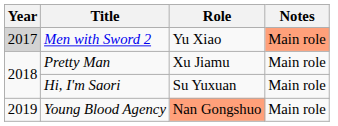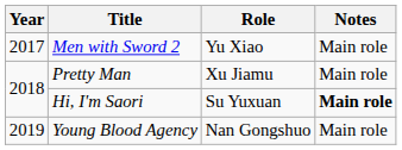 <table class="wikitable">
 <tr>
 <th>Year</th>
 <th>Title</th>
 <th>Role</th>
 <th class="unsortable">Notes</th>
 </tr>
 <tr>
-<td style="background: lightgrey;">2017</td>
+<td>2017</td>
 <td><em><a href='#'>Men with Sword 2</a></em></td>
 <td>Yu Xiao</td>
-<td style="background: lightsalmon;">Main role</td>
+<td>Main role</td>
 </tr>
 <tr>
 <td rowspan=2>2018</td>
 <td><em>Pretty Man</em></td>
 <td>Xu Jiamu</td>
 <td>Main role</td>
 </tr>
 <tr>
 <td><em>Hi, I'm Saori</em></td>
 <td>Su Yuxuan</td>
-<td>Main role</td>
+<td><strong>Main role</strong></td>
 </tr>
 <tr>
 <td>2019</td>
 <td><em>Young Blood Agency</em></td>
-<td style="background: lightsalmon;">Nan Gongshuo</td>
+<td>Nan Gongshuo</td>
 <td>Main role</td>
 </tr>
 </table>
